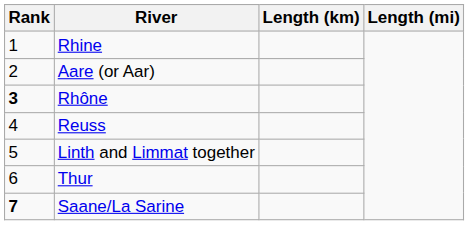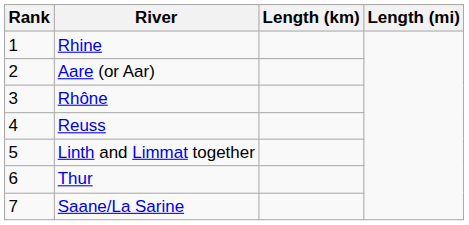 <table class="wikitable sortable">
 <tr>
 <th>Rank</th>
 <th>River</th>
 <th>Length (km)</th>
 <th>Length (mi)</th>
 </tr>
 <tr>
 <td>1</td>
 <td><a href='#'>Rhine</a></td>
 <td></td>
 </tr>
 <tr>
 <td>2</td>
 <td><a href='#'>Aare</a> (or Aar)</td>
 <td></td>
 </tr>
 <tr>
-<td><strong>3</strong></td>
+<td>3</td>
 <td><a href='#'>Rhône</a></td>
 <td></td>
 </tr>
 <tr>
 <td>4</td>
 <td><a href='#'>Reuss</a></td>
 <td></td>
 </tr>
 <tr>
 <td>5</td>
 <td><a href='#'>Linth</a> and <a href='#'>Limmat</a> together</td>
 <td></td>
 </tr>
 <tr>
 <td>6</td>
 <td><a href='#'>Thur</a></td>
 <td></td>
 </tr>
 <tr>
-<td><strong>7</strong></td>
+<td>7</td>
 <td><a href='#'>Saane/La Sarine</a></td>
 <td></td>
 </tr>
 </table>
